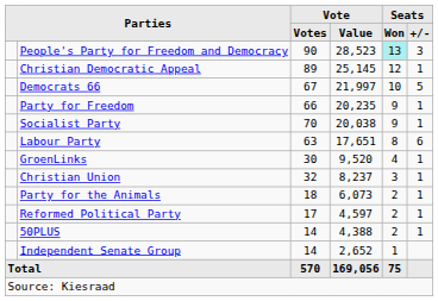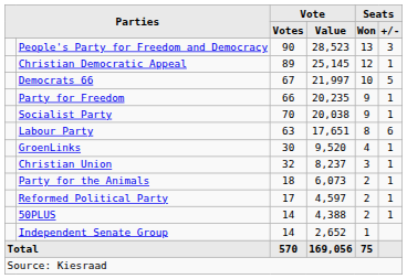 <table class="wikitable" style="text-align:center;">
 <tr>
 <th style="background-color:#E9E9E9" rowspan=2 colspan=2>Parties</th>
 <th style="background-color:#E9E9E9" colspan=2>Vote</th>
 <th style="background-color:#E9E9E9" colspan=2>Seats</th>
 </tr>
 <tr>
 <th style="background-color:#E9E9E9">Votes</th>
 <th style="background-color:#E9E9E9">Value</th>
 <th style="background-color:#E9E9E9">Won</th>
 <th style="background-color:#E9E9E9">+/-</th>
 </tr>
 <tr>
 <td style="background-color:"> </td>
 <td align="left"><a href='#'>People's Party for Freedom and Democracy</a></td>
 <td>90</td>
 <td>28,523</td>
-<td style="background: paleturquoise;">13</td>
+<td>13</td>
 <td> 3</td>
 </tr>
 <tr>
 <td style="background-color:"> </td>
 <td align="left"><a href='#'>Christian Democratic Appeal</a></td>
 <td>89</td>
 <td>25,145</td>
 <td>12</td>
 <td> 1</td>
 </tr>
 <tr>
 <td style="background-color:"> </td>
 <td align="left"><a href='#'>Democrats 66</a></td>
 <td>67</td>
 <td>21,997</td>
 <td>10</td>
 <td> 5</td>
 </tr>
 <tr>
 <td style="background-color:"> </td>
 <td align="left"><a href='#'>Party for Freedom</a></td>
 <td>66</td>
 <td>20,235</td>
 <td>9</td>
 <td> 1</td>
 </tr>
 <tr>
 <td style="background-color:"> </td>
 <td align="left"><a href='#'>Socialist Party</a></td>
 <td>70</td>
 <td>20,038</td>
 <td>9</td>
 <td> 1</td>
 </tr>
 <tr>
 <td style="background-color:"> </td>
 <td align="left"><a href='#'>Labour Party</a></td>
 <td>63</td>
 <td>17,651</td>
 <td>8</td>
 <td> 6</td>
 </tr>
 <tr>
 <td style="background-color:"> </td>
 <td align="left"><a href='#'>GroenLinks</a></td>
 <td>30</td>
 <td>9,520</td>
 <td>4</td>
 <td> 1</td>
 </tr>
 <tr>
 <td style="background-color:"> </td>
 <td align="left"><a href='#'>Christian Union</a></td>
 <td>32</td>
 <td>8,237</td>
 <td>3</td>
 <td> 1</td>
 </tr>
 <tr>
 <td style="background-color:"> </td>
 <td align="left"><a href='#'>Party for the Animals</a></td>
 <td>18</td>
 <td>6,073</td>
 <td>2</td>
 <td> 1</td>
 </tr>
 <tr>
 <td style="background-color:"> </td>
 <td align="left"><a href='#'>Reformed Political Party</a></td>
 <td>17</td>
 <td>4,597</td>
 <td>2</td>
 <td> 1</td>
 </tr>
 <tr>
 <td style="background-color:"> </td>
 <td align="left"><a href='#'>50PLUS</a></td>
 <td>14</td>
 <td>4,388</td>
 <td>2</td>
 <td> 1</td>
 </tr>
 <tr>
 <td style="background-color:"> </td>
 <td align="left"><a href='#'>Independent Senate Group</a></td>
 <td>14</td>
 <td>2,652</td>
 <td>1</td>
 <td></td>
 </tr>
 <tr>
 <th style="text-align:left;background-color:#E9E9E9" colspan=2>Total</th>
 <th style="background-color:#E9E9E9">570</th>
 <th style="background-color:#E9E9E9">169,056</th>
 <th style="background-color:#E9E9E9">75</th>
 <th style="background-color:#E9E9E9"></th>
 </tr>
 <tr>
 <td align=left colspan=6>Source: Kiesraad</td>
 </tr>
 </table>
